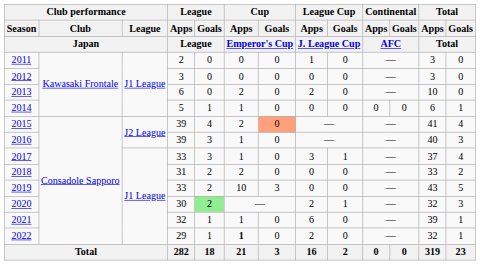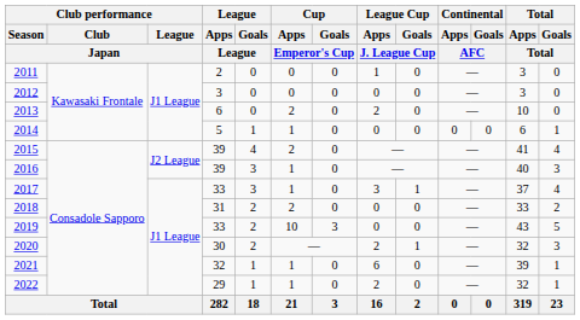 <table class="wikitable" style="text-align:center;">
 <tr>
 <th colspan=3>Club performance</th>
 <th colspan=2>League</th>
 <th colspan=2>Cup</th>
 <th colspan=2>League Cup</th>
 <th colspan=2>Continental</th>
 <th colspan=2>Total</th>
 </tr>
 <tr>
 <th>Season</th>
 <th>Club</th>
 <th>League</th>
 <th>Apps</th>
 <th>Goals</th>
 <th>Apps</th>
 <th>Goals</th>
 <th>Apps</th>
 <th>Goals</th>
 <th>Apps</th>
 <th>Goals</th>
 <th>Apps</th>
 <th>Goals</th>
 </tr>
 <tr>
 <th colspan=3>Japan</th>
 <th colspan=2>League</th>
 <th colspan=2><a href='#'>Emperor's Cup</a></th>
 <th colspan=2><a href='#'>J. League Cup</a></th>
 <th colspan=2><a href='#'>AFC</a></th>
 <th colspan=2>Total</th>
 </tr>
 <tr>
 <td><a href='#'>2011</a></td>
 <td rowspan="4"><a href='#'>Kawasaki Frontale</a></td>
 <td rowspan=4><a href='#'>J1 League</a></td>
 <td>2</td>
 <td>0</td>
 <td>0</td>
 <td>0</td>
 <td>1</td>
 <td>0</td>
 <td colspan="2">—</td>
 <td>3</td>
 <td>0</td>
 </tr>
 <tr>
 <td><a href='#'>2012</a></td>
 <td>3</td>
 <td>0</td>
 <td>0</td>
 <td>0</td>
 <td>0</td>
 <td>0</td>
 <td colspan="2">—</td>
 <td>3</td>
 <td>0</td>
 </tr>
 <tr>
 <td><a href='#'>2013</a></td>
 <td>6</td>
 <td>0</td>
 <td>2</td>
 <td>0</td>
 <td>2</td>
 <td>0</td>
 <td colspan="2">—</td>
 <td>10</td>
 <td>0</td>
 </tr>
 <tr>
 <td><a href='#'>2014</a></td>
 <td>5</td>
 <td>1</td>
 <td>1</td>
 <td>0</td>
 <td>0</td>
 <td>0</td>
 <td>0</td>
 <td>0</td>
 <td>6</td>
 <td>1</td>
 </tr>
 <tr>
 <td><a href='#'>2015</a></td>
 <td rowspan="8"><a href='#'>Consadole Sapporo</a></td>
 <td rowspan="2"><a href='#'>J2 League</a></td>
 <td>39</td>
 <td>4</td>
 <td>2</td>
-<td style="background: lightsalmon;">0</td>
+<td>0</td>
 <td colspan="2">—</td>
 <td colspan="2">—</td>
 <td>41</td>
 <td>4</td>
 </tr>
 <tr>
 <td><a href='#'>2016</a></td>
 <td>39</td>
 <td>3</td>
 <td>1</td>
 <td>0</td>
 <td colspan="2">—</td>
 <td colspan="2">—</td>
 <td>40</td>
 <td>3</td>
 </tr>
 <tr>
 <td><a href='#'>2017</a></td>
 <td rowspan="6"><a href='#'>J1 League</a></td>
 <td>33</td>
 <td>3</td>
 <td>1</td>
 <td>0</td>
 <td>3</td>
 <td>1</td>
 <td colspan="2">—</td>
 <td>37</td>
 <td>4</td>
 </tr>
 <tr>
 <td><a href='#'>2018</a></td>
 <td>31</td>
 <td>2</td>
 <td>2</td>
 <td>0</td>
 <td>0</td>
 <td>0</td>
 <td colspan="2">—</td>
 <td>33</td>
 <td>2</td>
 </tr>
 <tr>
 <td><a href='#'>2019</a></td>
 <td>33</td>
 <td>2</td>
 <td>10</td>
 <td>3</td>
 <td>0</td>
 <td>0</td>
 <td colspan="2">—</td>
 <td>43</td>
 <td>5</td>
 </tr>
 <tr>
 <td><a href='#'>2020</a></td>
 <td>30</td>
-<td style="background: lightgreen;">2</td>
+<td>2</td>
 <td colspan="2">—</td>
 <td>2</td>
 <td>1</td>
 <td colspan="2">—</td>
 <td>32</td>
 <td>3</td>
 </tr>
 <tr>
 <td><a href='#'>2021</a></td>
 <td>32</td>
 <td>1</td>
 <td>1</td>
 <td>0</td>
 <td>6</td>
 <td>0</td>
 <td colspan="2">—</td>
 <td>39</td>
 <td>1</td>
 </tr>
 <tr>
 <td><a href='#'>2022</a></td>
 <td>29</td>
 <td>1</td>
-<td><strong>1</strong></td>
+<td>1</td>
 <td>0</td>
 <td>2</td>
 <td>0</td>
 <td colspan="2">—</td>
 <td>32</td>
 <td>1</td>
 </tr>
 <tr>
 <th colspan=3>Total</th>
 <th>282</th>
 <th>18</th>
 <th>21</th>
 <th>3</th>
 <th>16</th>
 <th>2</th>
 <th>0</th>
 <th>0</th>
 <th>319</th>
 <th>23</th>
 </tr>
 </table>
